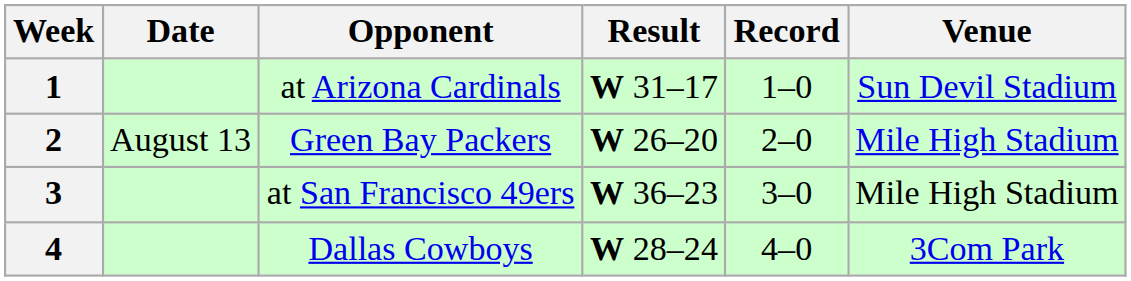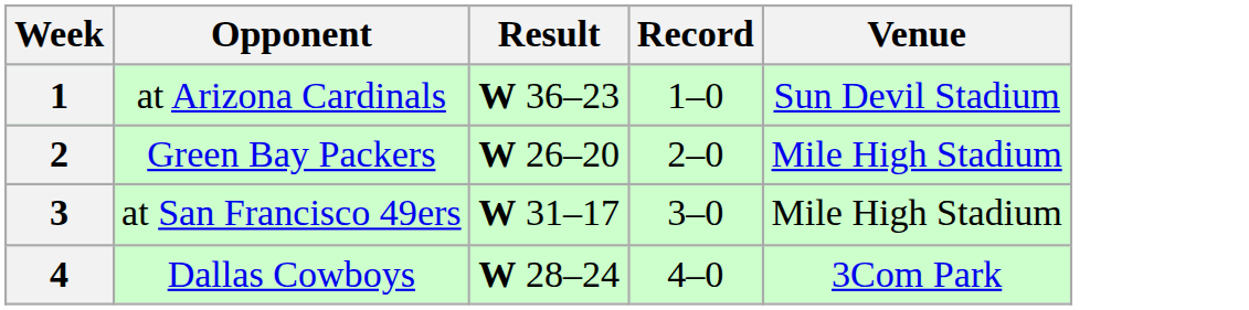 <table class="wikitable" style="text-align:center">
 <tr>
 <th>Week</th>
-<th>Date</th>
 <th>Opponent</th>
 <th>Result</th>
 <th>Record</th>
 <th>Venue</th>
 </tr>
 <tr style="background:#cfc">
 <th>1</th>
-<td></td>
 <td>at <a href='#'>Arizona Cardinals</a></td>
-<td><strong>W</strong> 31–17</td>
+<td><strong>W</strong> 36–23</td>
 <td>1–0</td>
 <td><a href='#'>Sun Devil Stadium</a></td>
 </tr>
 <tr style="background:#cfc">
 <th>2</th>
-<td>August 13</td>
 <td><a href='#'>Green Bay Packers</a></td>
 <td><strong>W</strong> 26–20</td>
 <td>2–0</td>
 <td><a href='#'>Mile High Stadium</a></td>
 </tr>
 <tr style="background:#cfc">
 <th>3</th>
-<td></td>
 <td>at <a href='#'>San Francisco 49ers</a></td>
-<td><strong>W</strong> 36–23</td>
+<td><strong>W</strong> 31–17</td>
 <td>3–0</td>
 <td>Mile High Stadium</td>
 </tr>
 <tr style="background:#cfc">
 <th>4</th>
-<td></td>
 <td><a href='#'>Dallas Cowboys</a></td>
 <td><strong>W</strong> 28–24</td>
 <td>4–0</td>
 <td><a href='#'>3Com Park</a></td>
 </tr>
 </table>
